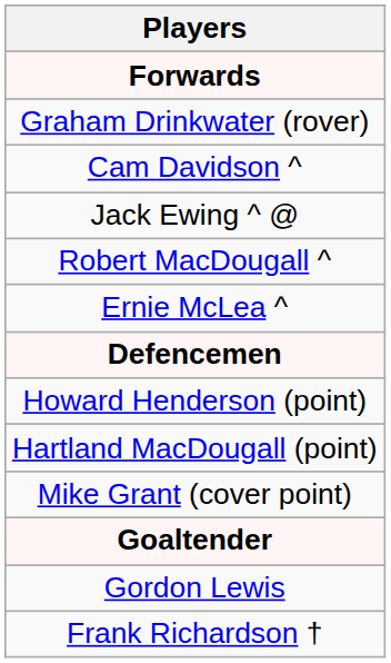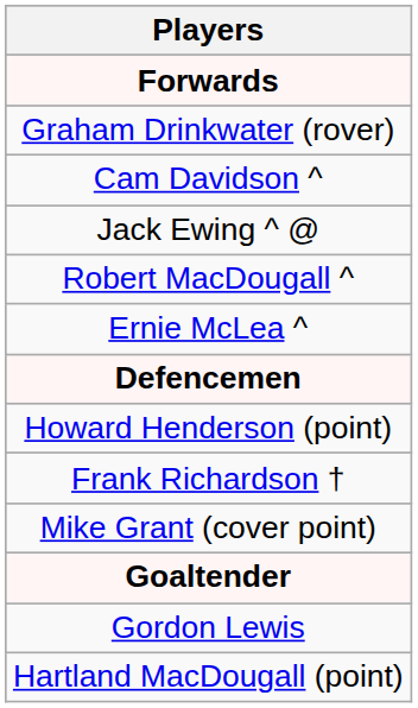 <table class="wikitable" style="text-align:center;">
 <tr>
 <th>Players</th>
 </tr>
 <tr style="font-weight:bold; background-color:#FFF5F5;">
 <td colspan="1" align="center"><strong>Forwards</strong></td>
 </tr>
 <tr>
 <td><a href='#'>Graham Drinkwater</a> (rover)</td>
 </tr>
 <tr>
 <td><a href='#'>Cam Davidson</a> ^</td>
 </tr>
 <tr>
 <td>Jack Ewing ^ @</td>
 </tr>
 <tr>
 <td><a href='#'>Robert MacDougall</a> ^</td>
 </tr>
 <tr>
 <td><a href='#'>Ernie McLea</a> ^</td>
 </tr>
 <tr style="font-weight:bold; background-color:#FFF5F5;">
 <td colspan="1" align="center"><strong>Defencemen</strong></td>
 </tr>
 <tr>
 <td><a href='#'>Howard Henderson</a> (point)</td>
 </tr>
 <tr>
-<td><a href='#'>Hartland MacDougall</a> (point)</td>
+<td><a href='#'>Frank Richardson</a> †</td>
 </tr>
 <tr>
 <td><a href='#'>Mike Grant</a> (cover point)</td>
 </tr>
 <tr style="font-weight:bold; background-color:#FFF5F5;">
 <td colspan="1" align="center"><strong>Goaltender</strong></td>
 </tr>
 <tr>
 <td><a href='#'>Gordon Lewis</a></td>
 </tr>
 <tr>
-<td><a href='#'>Frank Richardson</a> †</td>
+<td><a href='#'>Hartland MacDougall</a> (point)</td>
 </tr>
 </table>
